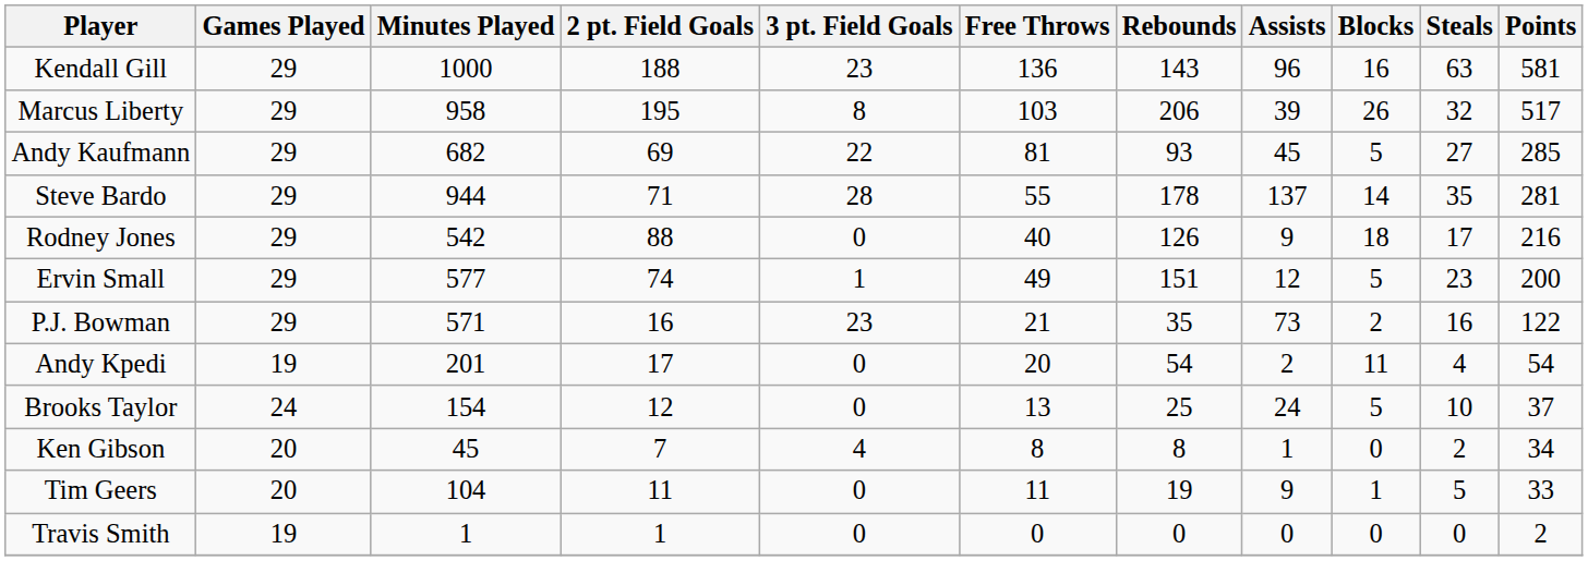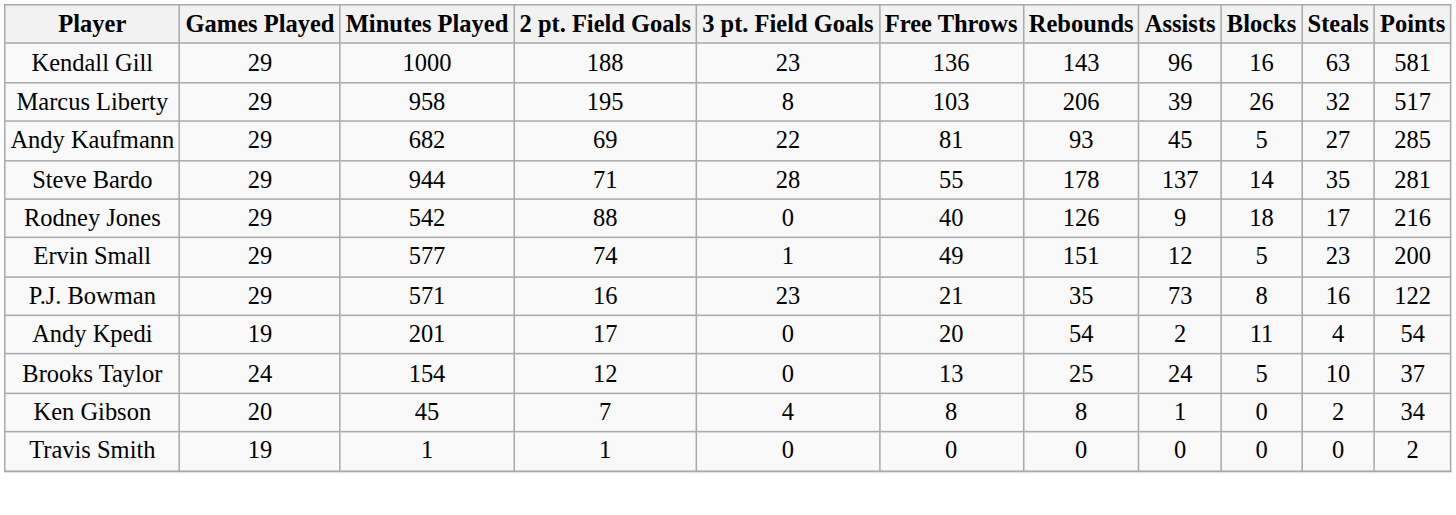 <table class="wikitable sortable" style="text-align:center">
 <tr>
 <th>Player</th>
 <th>Games Played</th>
 <th>Minutes Played</th>
 <th>2 pt. Field Goals</th>
 <th>3 pt. Field Goals</th>
 <th>Free Throws</th>
 <th>Rebounds</th>
 <th>Assists</th>
 <th>Blocks</th>
 <th>Steals</th>
 <th>Points</th>
 </tr>
 <tr align="center" bgcolor="">
 <td>Kendall Gill</td>
 <td>29</td>
 <td>1000</td>
 <td>188</td>
 <td>23</td>
 <td>136</td>
 <td>143</td>
 <td>96</td>
 <td>16</td>
 <td>63</td>
 <td>581</td>
 </tr>
 <tr align="center" bgcolor="">
 <td>Marcus Liberty</td>
 <td>29</td>
 <td>958</td>
 <td>195</td>
 <td>8</td>
 <td>103</td>
 <td>206</td>
 <td>39</td>
 <td>26</td>
 <td>32</td>
 <td>517</td>
 </tr>
 <tr align="center" bgcolor="">
 <td>Andy Kaufmann</td>
 <td>29</td>
 <td>682</td>
 <td>69</td>
 <td>22</td>
 <td>81</td>
 <td>93</td>
 <td>45</td>
 <td>5</td>
 <td>27</td>
 <td>285</td>
 </tr>
 <tr align="center" bgcolor="">
 <td>Steve Bardo </td>
 <td>29</td>
 <td>944</td>
 <td>71</td>
 <td>28</td>
 <td>55</td>
 <td>178</td>
 <td>137</td>
 <td>14</td>
 <td>35</td>
 <td>281</td>
 </tr>
 <tr align="center" bgcolor="">
 <td>Rodney Jones</td>
 <td>29</td>
 <td>542</td>
 <td>88</td>
 <td>0</td>
 <td>40</td>
 <td>126</td>
 <td>9</td>
 <td>18</td>
 <td>17</td>
 <td>216</td>
 </tr>
 <tr align="center" bgcolor="">
 <td>Ervin Small</td>
 <td>29</td>
 <td>577</td>
 <td>74</td>
 <td>1</td>
 <td>49</td>
 <td>151</td>
 <td>12</td>
 <td>5</td>
 <td>23</td>
 <td>200</td>
 </tr>
 <tr align="center" bgcolor="">
 <td>P.J. Bowman</td>
 <td>29</td>
 <td>571</td>
 <td>16</td>
 <td>23</td>
 <td>21</td>
 <td>35</td>
 <td>73</td>
-<td>2</td>
+<td>8</td>
 <td>16</td>
 <td>122</td>
 </tr>
 <tr align="center" bgcolor="">
 <td>Andy Kpedi</td>
 <td>19</td>
 <td>201</td>
 <td>17</td>
 <td>0</td>
 <td>20</td>
 <td>54</td>
 <td>2</td>
 <td>11</td>
 <td>4</td>
 <td>54</td>
 </tr>
 <tr align="center" bgcolor="">
 <td>Brooks Taylor</td>
 <td>24</td>
 <td>154</td>
 <td>12</td>
 <td>0</td>
 <td>13</td>
 <td>25</td>
 <td>24</td>
 <td>5</td>
 <td>10</td>
 <td>37</td>
 </tr>
 <tr align="center" bgcolor="">
 <td>Ken Gibson</td>
 <td>20</td>
 <td>45</td>
 <td>7</td>
 <td>4</td>
 <td>8</td>
 <td>8</td>
 <td>1</td>
 <td>0</td>
 <td>2</td>
 <td>34</td>
 </tr>
 <tr align="center" bgcolor="">
-<td>Tim Geers</td>
-<td>20</td>
-<td>104</td>
-<td>11</td>
-<td>0</td>
-<td>11</td>
-<td>19</td>
-<td>9</td>
-<td>1</td>
-<td>5</td>
-<td>33</td>
-</tr>
-<tr align="center" bgcolor="">
 <td>Travis Smith</td>
 <td>19</td>
 <td>1</td>
 <td>1</td>
 <td>0</td>
 <td>0</td>
 <td>0</td>
 <td>0</td>
 <td>0</td>
 <td>0</td>
 <td>2</td>
 </tr>
 <tr align="center" bgcolor="">
 </tr>
 </table>
